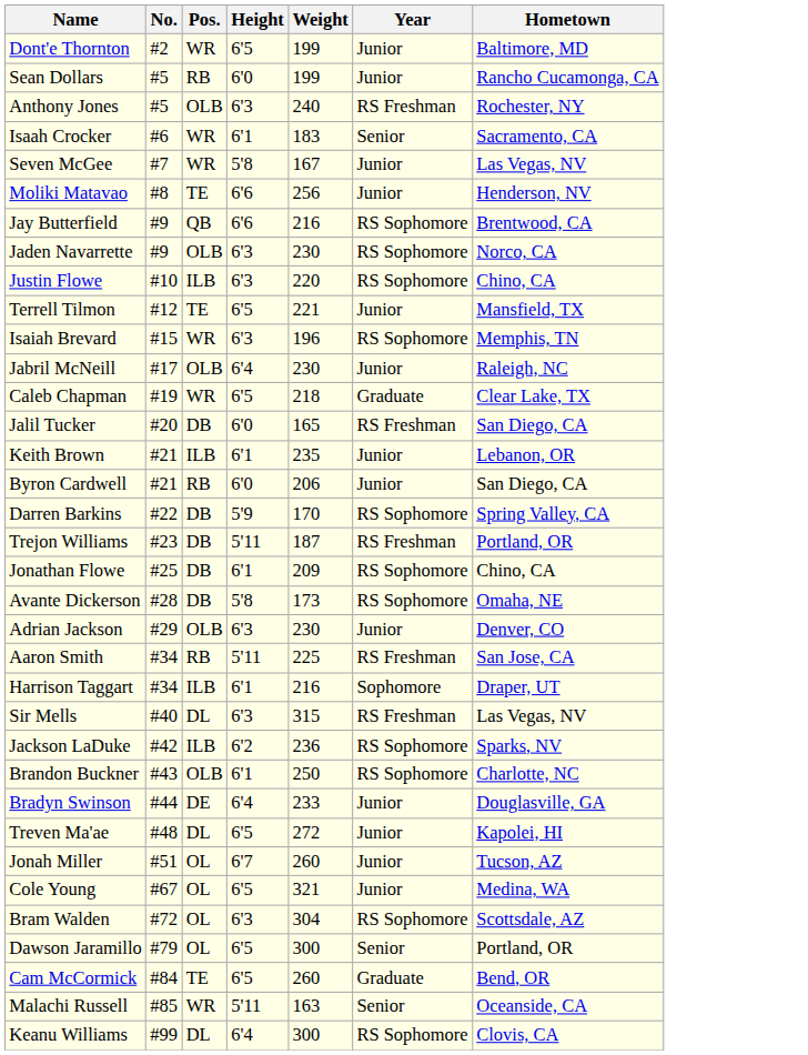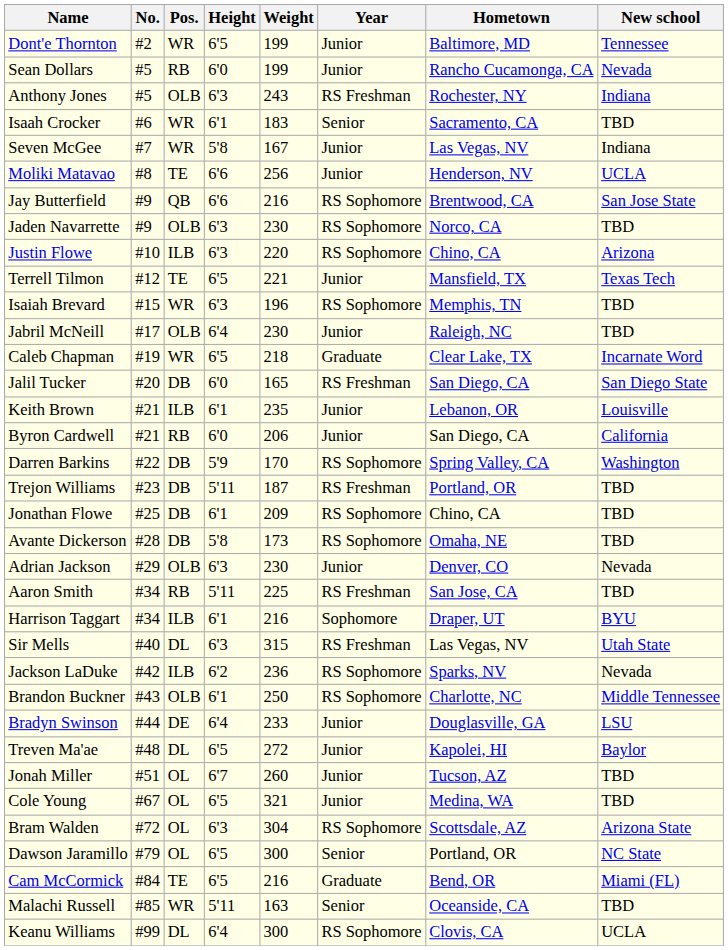 <table class="wikitable sortable mw-collapsible mw-collapsed">
 <tr>
 <th>Name</th>
 <th>No.</th>
 <th>Pos.</th>
 <th>Height</th>
 <th>Weight</th>
 <th>Year</th>
 <th>Hometown</th>
+<th class="unsortable">New school</th>
 </tr>
 <tr style="background:#FFFFE6;">
 <td><a href='#'>Dont'e Thornton</a></td>
 <td>#2</td>
 <td>WR</td>
 <td>6'5</td>
 <td>199</td>
 <td>Junior</td>
 <td><a href='#'>Baltimore, MD</a></td>
+<td><a href='#'>Tennessee</a></td>
 </tr>
 <tr style="background:#FFFFE6;">
 <td>Sean Dollars</td>
 <td>#5</td>
 <td>RB</td>
 <td>6'0</td>
 <td>199</td>
 <td>Junior</td>
 <td><a href='#'>Rancho Cucamonga, CA</a></td>
+<td><a href='#'>Nevada</a></td>
 </tr>
 <tr style="background:#FFFFE6;">
 <td>Anthony Jones</td>
 <td>#5</td>
 <td>OLB</td>
 <td>6'3</td>
-<td>240</td>
+<td>243</td>
 <td>RS Freshman</td>
 <td><a href='#'>Rochester, NY</a></td>
+<td><a href='#'>Indiana</a></td>
 </tr>
 <tr style="background:#FFFFE6;">
 <td>Isaah Crocker</td>
 <td>#6</td>
 <td>WR</td>
 <td>6'1</td>
 <td>183</td>
 <td>Senior</td>
 <td><a href='#'>Sacramento, CA</a></td>
+<td>TBD</td>
 </tr>
 <tr style="background:#FFFFE6;">
 <td>Seven McGee</td>
 <td>#7</td>
 <td>WR</td>
 <td>5'8</td>
 <td>167</td>
 <td>Junior</td>
 <td><a href='#'>Las Vegas, NV</a></td>
+<td>Indiana</td>
 </tr>
 <tr style="background:#FFFFE6;">
 <td><a href='#'>Moliki Matavao</a></td>
 <td>#8</td>
 <td>TE</td>
 <td>6'6</td>
 <td>256</td>
 <td>Junior</td>
 <td><a href='#'>Henderson, NV</a></td>
+<td><a href='#'>UCLA</a></td>
 </tr>
 <tr style="background:#FFFFE6;">
 <td>Jay Butterfield</td>
 <td>#9</td>
 <td>QB</td>
 <td>6'6</td>
 <td>216</td>
 <td>RS Sophomore</td>
 <td><a href='#'>Brentwood, CA</a></td>
+<td><a href='#'>San Jose State</a></td>
 </tr>
 <tr style="background:#FFFFE6;">
 <td>Jaden Navarrette</td>
 <td>#9</td>
 <td>OLB</td>
 <td>6'3</td>
 <td>230</td>
 <td>RS Sophomore</td>
 <td><a href='#'>Norco, CA</a></td>
+<td>TBD</td>
 </tr>
 <tr style="background:#FFFFE6;">
 <td><a href='#'>Justin Flowe</a></td>
 <td>#10</td>
 <td>ILB</td>
 <td>6'3</td>
 <td>220</td>
 <td>RS Sophomore</td>
 <td><a href='#'>Chino, CA</a></td>
+<td><a href='#'>Arizona</a></td>
 </tr>
 <tr style="background:#FFFFE6;">
 <td>Terrell Tilmon</td>
 <td>#12</td>
 <td>TE</td>
 <td>6'5</td>
 <td>221</td>
 <td>Junior</td>
 <td><a href='#'>Mansfield, TX</a></td>
+<td><a href='#'>Texas Tech</a></td>
 </tr>
 <tr style="background:#FFFFE6;">
 <td>Isaiah Brevard</td>
 <td>#15</td>
 <td>WR</td>
 <td>6'3</td>
 <td>196</td>
 <td>RS Sophomore</td>
 <td><a href='#'>Memphis, TN</a></td>
+<td>TBD</td>
 </tr>
 <tr style="background:#FFFFE6;">
 <td>Jabril McNeill</td>
 <td>#17</td>
 <td>OLB</td>
 <td>6'4</td>
 <td>230</td>
 <td>Junior</td>
 <td><a href='#'>Raleigh, NC</a></td>
+<td>TBD</td>
 </tr>
 <tr style="background:#FFFFE6;">
 <td>Caleb Chapman</td>
 <td>#19</td>
 <td>WR</td>
 <td>6'5</td>
 <td>218</td>
 <td>Graduate</td>
 <td><a href='#'>Clear Lake, TX</a></td>
+<td><a href='#'>Incarnate Word</a></td>
 </tr>
 <tr style="background:#FFFFE6;">
 <td>Jalil Tucker</td>
 <td>#20</td>
 <td>DB</td>
 <td>6'0</td>
 <td>165</td>
 <td>RS Freshman</td>
 <td><a href='#'>San Diego, CA</a></td>
+<td><a href='#'>San Diego State</a></td>
 </tr>
 <tr style="background:#FFFFE6;">
 <td>Keith Brown</td>
 <td>#21</td>
 <td>ILB</td>
 <td>6'1</td>
 <td>235</td>
 <td>Junior</td>
 <td><a href='#'>Lebanon, OR</a></td>
+<td><a href='#'>Louisville</a></td>
 </tr>
 <tr style="background:#FFFFE6;">
 <td>Byron Cardwell</td>
 <td>#21</td>
 <td>RB</td>
 <td>6'0</td>
 <td>206</td>
 <td>Junior</td>
 <td>San Diego, CA</td>
+<td><a href='#'>California</a></td>
 </tr>
 <tr style="background:#FFFFE6;">
 <td>Darren Barkins</td>
 <td>#22</td>
 <td>DB</td>
 <td>5'9</td>
 <td>170</td>
 <td>RS Sophomore</td>
 <td><a href='#'>Spring Valley, CA</a></td>
+<td><a href='#'>Washington</a></td>
 </tr>
 <tr style="background:#FFFFE6;">
 <td>Trejon Williams</td>
 <td>#23</td>
 <td>DB</td>
 <td>5'11</td>
 <td>187</td>
 <td>RS Freshman</td>
 <td><a href='#'>Portland, OR</a></td>
+<td>TBD</td>
 </tr>
 <tr style="background:#FFFFE6;">
 <td>Jonathan Flowe</td>
 <td>#25</td>
 <td>DB</td>
 <td>6'1</td>
 <td>209</td>
 <td>RS Sophomore</td>
 <td>Chino, CA</td>
+<td>TBD</td>
 </tr>
 <tr style="background:#FFFFE6;">
 <td>Avante Dickerson</td>
 <td>#28</td>
 <td>DB</td>
 <td>5'8</td>
 <td>173</td>
 <td>RS Sophomore</td>
 <td><a href='#'>Omaha, NE</a></td>
+<td>TBD</td>
 </tr>
 <tr style="background:#FFFFE6;">
 <td>Adrian Jackson</td>
 <td>#29</td>
 <td>OLB</td>
 <td>6'3</td>
 <td>230</td>
 <td>Junior</td>
 <td><a href='#'>Denver, CO</a></td>
+<td>Nevada</td>
 </tr>
 <tr style="background:#FFFFE6;">
 <td>Aaron Smith</td>
 <td>#34</td>
 <td>RB</td>
 <td>5'11</td>
 <td>225</td>
 <td>RS Freshman</td>
 <td><a href='#'>San Jose, CA</a></td>
+<td>TBD</td>
 </tr>
 <tr style="background:#FFFFE6;">
 <td>Harrison Taggart</td>
 <td>#34</td>
 <td>ILB</td>
 <td>6'1</td>
 <td>216</td>
 <td>Sophomore</td>
 <td><a href='#'>Draper, UT</a></td>
+<td><a href='#'>BYU</a></td>
 </tr>
 <tr style="background:#FFFFE6;">
 <td>Sir Mells</td>
 <td>#40</td>
 <td>DL</td>
 <td>6'3</td>
 <td>315</td>
 <td>RS Freshman</td>
 <td>Las Vegas, NV</td>
+<td><a href='#'>Utah State</a></td>
 </tr>
 <tr style="background:#FFFFE6;">
 <td>Jackson LaDuke</td>
 <td>#42</td>
 <td>ILB</td>
 <td>6'2</td>
 <td>236</td>
 <td>RS Sophomore</td>
 <td><a href='#'>Sparks, NV</a></td>
+<td>Nevada</td>
 </tr>
 <tr style="background:#FFFFE6;">
 <td>Brandon Buckner</td>
 <td>#43</td>
 <td>OLB</td>
 <td>6'1</td>
 <td>250</td>
 <td>RS Sophomore</td>
 <td><a href='#'>Charlotte, NC</a></td>
+<td><a href='#'>Middle Tennessee</a></td>
 </tr>
 <tr style="background:#FFFFE6;">
 <td><a href='#'>Bradyn Swinson</a></td>
 <td>#44</td>
 <td>DE</td>
 <td>6'4</td>
 <td>233</td>
 <td>Junior</td>
 <td><a href='#'>Douglasville, GA</a></td>
+<td><a href='#'>LSU</a></td>
 </tr>
 <tr style="background:#FFFFE6;">
 <td>Treven Ma'ae</td>
 <td>#48</td>
 <td>DL</td>
 <td>6'5</td>
 <td>272</td>
 <td>Junior</td>
 <td><a href='#'>Kapolei, HI</a></td>
+<td><a href='#'>Baylor</a></td>
 </tr>
 <tr style="background:#FFFFE6;">
 <td>Jonah Miller</td>
 <td>#51</td>
 <td>OL</td>
 <td>6'7</td>
 <td>260</td>
 <td>Junior</td>
 <td><a href='#'>Tucson, AZ</a></td>
+<td>TBD</td>
 </tr>
 <tr style="background:#FFFFE6;">
 <td>Cole Young</td>
 <td>#67</td>
 <td>OL</td>
 <td>6'5</td>
 <td>321</td>
 <td>Junior</td>
 <td><a href='#'>Medina, WA</a></td>
+<td>TBD</td>
 </tr>
 <tr style="background:#FFFFE6;">
 <td>Bram Walden</td>
 <td>#72</td>
 <td>OL</td>
 <td>6'3</td>
 <td>304</td>
 <td>RS Sophomore</td>
 <td><a href='#'>Scottsdale, AZ</a></td>
+<td><a href='#'>Arizona State</a></td>
 </tr>
 <tr style="background:#FFFFE6;">
 <td>Dawson Jaramillo</td>
 <td>#79</td>
 <td>OL</td>
 <td>6'5</td>
 <td>300</td>
 <td>Senior</td>
 <td>Portland, OR</td>
+<td><a href='#'>NC State</a></td>
 </tr>
 <tr style="background:#FFFFE6;">
 <td><a href='#'>Cam McCormick</a></td>
 <td>#84</td>
 <td>TE</td>
 <td>6'5</td>
-<td>260</td>
+<td>216</td>
 <td>Graduate</td>
 <td><a href='#'>Bend, OR</a></td>
+<td><a href='#'>Miami (FL)</a></td>
 </tr>
 <tr style="background:#FFFFE6;">
 <td>Malachi Russell</td>
 <td>#85</td>
 <td>WR</td>
 <td>5'11</td>
 <td>163</td>
 <td>Senior</td>
 <td><a href='#'>Oceanside, CA</a></td>
+<td>TBD</td>
 </tr>
 <tr style="background:#FFFFE6;">
 <td>Keanu Williams</td>
 <td>#99</td>
 <td>DL</td>
 <td>6'4</td>
 <td>300</td>
 <td>RS Sophomore</td>
 <td><a href='#'>Clovis, CA</a></td>
+<td>UCLA</td>
 </tr>
 </table>
